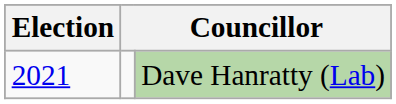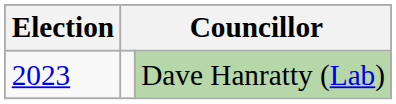 <table class="wikitable">
 <tr>
 <th>Election</th>
 <th colspan="2">Councillor</th>
 </tr>
 <tr>
-<td><a href='#'>2021</a></td>
+<td><a href='#'>2023</a></td>
 <td style="background-color: "></td>
 <td bgcolor="#B6D7A8">Dave Hanratty (<a href='#'>Lab</a>)</td>
 </tr>
 </table>
